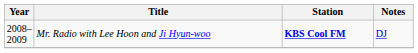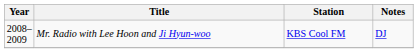 <table class="wikitable" style="width:650px">
 <tr>
 <th width=10>Year</th>
 <th>Title</th>
 <th>Station</th>
 <th>Notes</th>
 </tr>
 <tr>
 <td>2008–2009</td>
 <td><em>Mr. Radio with Lee Hoon and <a href='#'>Ji Hyun-woo</a></em></td>
-<td><strong><a href='#'>KBS Cool FM</a></strong></td>
+<td><a href='#'>KBS Cool FM</a></td>
 <td><a href='#'>DJ</a></td>
 </tr>
 <tr>
 </tr>
 </table>
